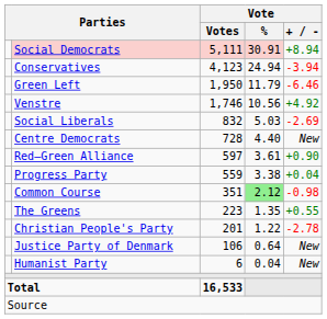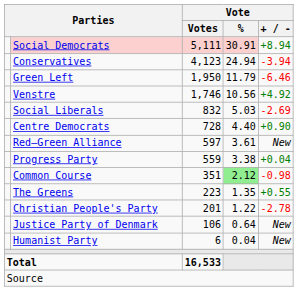 <table class="wikitable" style="text-align:right;">
 <tr>
 <th style="text-align:centre;" rowspan="2" colspan="2" width="225">Parties</th>
 <th colspan="3">Vote</th>
 </tr>
 <tr>
 <th width="15">Votes</th>
 <th width="15">%</th>
 <th width="15">+ / -</th>
 </tr>
 <tr>
 <td width="2" style="color:inherit;background:"></td>
 <td bgcolor=#fbd0ce  align="left"><a href='#'>Social Democrats</a></td>
 <td bgcolor=#fbd0ce>5,111</td>
 <td bgcolor=#fbd0ce>30.91</td>
 <td style=color:green;>+8.94</td>
 </tr>
 <tr>
 <td width="2" style="color:inherit;background:"></td>
 <td align="left"><a href='#'>Conservatives</a></td>
 <td>4,123</td>
 <td>24.94</td>
 <td style=color:red;>-3.94</td>
 </tr>
 <tr>
 <td width="2" style="color:inherit;background:"></td>
 <td align="left"><a href='#'>Green Left</a></td>
 <td>1,950</td>
 <td>11.79</td>
 <td style=color:red;>-6.46</td>
 </tr>
 <tr>
 <td width="2" style="color:inherit;background:"></td>
 <td align="left"><a href='#'>Venstre</a></td>
 <td>1,746</td>
 <td>10.56</td>
 <td style=color:green;>+4.92</td>
 </tr>
 <tr>
 <td width="2" style="color:inherit;background:"></td>
 <td align="left"><a href='#'>Social Liberals</a></td>
 <td>832</td>
 <td>5.03</td>
 <td style=color:red;>-2.69</td>
 </tr>
 <tr>
 <td width="2" style="color:inherit;background:"></td>
 <td align="left"><a href='#'>Centre Democrats</a></td>
 <td>728</td>
 <td>4.40</td>
-<td><em>New</em></td>
+<td style=color:green;>+0.90</td>
 </tr>
 <tr>
 <td width="2" style="color:inherit;background:"></td>
 <td align="left"><a href='#'>Red–Green Alliance</a></td>
 <td>597</td>
 <td>3.61</td>
-<td style=color:green;>+0.90</td>
+<td><em>New</em></td>
 </tr>
 <tr>
 <td width="2" style="color:inherit;background:"></td>
 <td align="left"><a href='#'>Progress Party</a></td>
 <td>559</td>
 <td>3.38</td>
 <td style=color:green;>+0.04</td>
 </tr>
 <tr>
 <td width="2" style="color:inherit;background:"></td>
 <td align="left"><a href='#'>Common Course</a></td>
 <td>351</td>
 <td style="background: lightgreen;">2.12</td>
 <td style=color:red;>-0.98</td>
 </tr>
 <tr>
 <td width="2" style="color:inherit;background:"></td>
 <td align="left"><a href='#'>The Greens</a></td>
 <td>223</td>
 <td>1.35</td>
 <td style=color:green;>+0.55</td>
 </tr>
 <tr>
 <td width="2" style="color:inherit;background:"></td>
 <td align="left"><a href='#'>Christian People's Party</a></td>
 <td>201</td>
 <td>1.22</td>
 <td style=color:red;>-2.78</td>
 </tr>
 <tr>
 <td width="2" style="color:inherit;background:"></td>
 <td align="left"><a href='#'>Justice Party of Denmark</a></td>
 <td>106</td>
 <td>0.64</td>
 <td><em>New</em></td>
 </tr>
 <tr>
 <td width="2" style="color:inherit;background:"></td>
 <td align="left"><a href='#'>Humanist Party</a></td>
 <td>6</td>
 <td>0.04</td>
 <td><em>New</em></td>
 </tr>
 <tr>
 <td colspan="7" bgcolor="#E9E9E9"></td>
 </tr>
 <tr>
 <td align="left" colspan="2"><strong>Total</strong></td>
 <td><strong>16,533</strong></td>
 <td bgcolor="#E9E9E9" colspan="2"></td>
 </tr>
 <tr>
 <td align="left" colspan="6">Source</td>
 </tr>
 </table>
